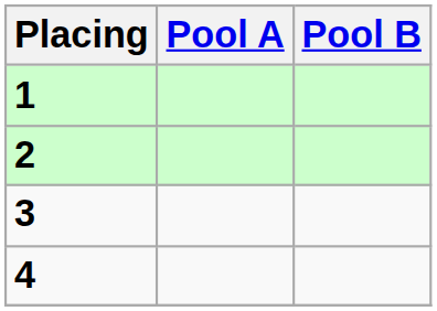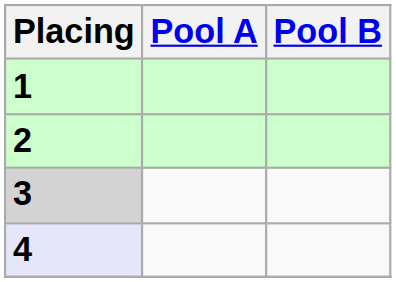 <table class=wikitable style="border:1px solid #AAAAAA;">
 <tr>
 <th>Placing</th>
 <th><a href='#'>Pool A</a></th>
 <th><a href='#'>Pool B</a></th>
 </tr>
 <tr style="background: #ccffcc;">
 <td><strong>1</strong></td>
 <td></td>
 <td></td>
 </tr>
 <tr style="background: #ccffcc;">
 <td><strong>2</strong></td>
 <td></td>
 <td></td>
 </tr>
 <tr>
-<td><strong>3</strong></td>
+<td style="background: lightgrey;"><strong>3</strong></td>
 <td></td>
 <td></td>
 </tr>
 <tr>
-<td><strong>4</strong></td>
+<td style="background: lavender;"><strong>4</strong></td>
 <td></td>
 <td></td>
 </tr>
 <tr>
 </tr>
 </table>
